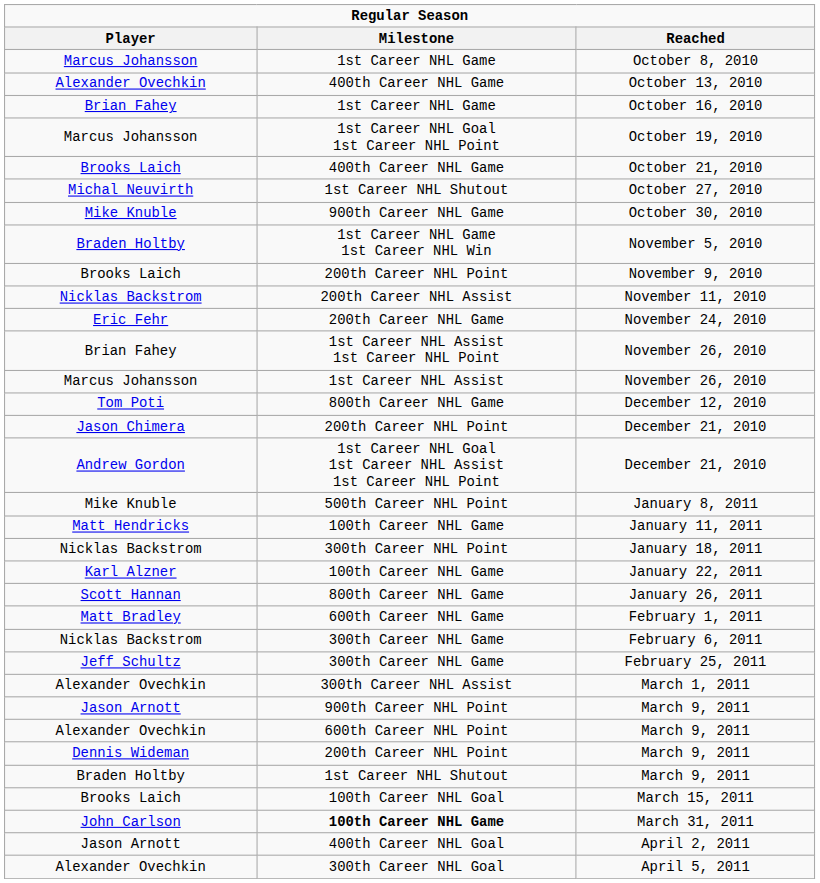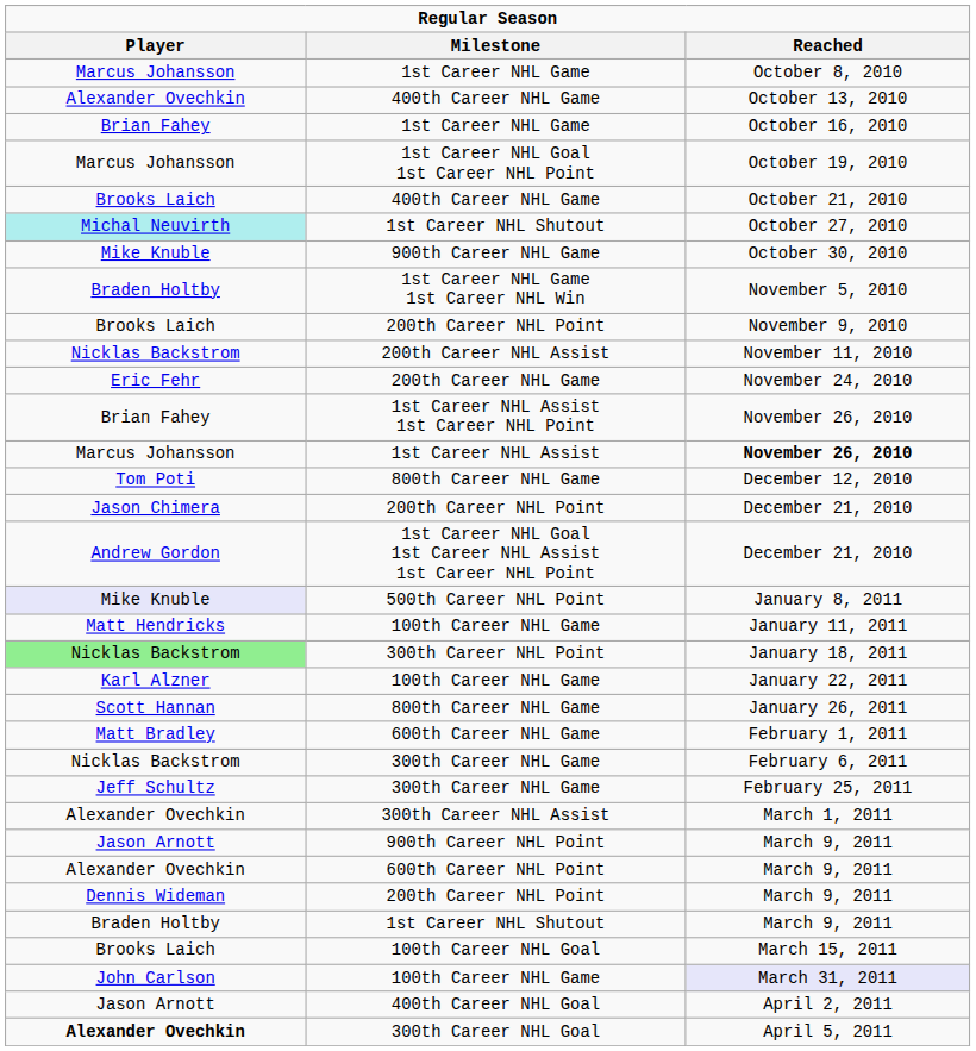 <table class="wikitable" width="60%" style="text-align:center">
 <tr>
 <td colspan="10" align="center"><strong>Regular Season</strong></td>
 </tr>
 <tr>
 <th>Player</th>
 <th>Milestone</th>
 <th>Reached</th>
 </tr>
 <tr>
 <td><a href='#'>Marcus Johansson</a></td>
 <td>1st Career NHL Game</td>
 <td>October 8, 2010</td>
 </tr>
 <tr>
 <td><a href='#'>Alexander Ovechkin</a></td>
 <td>400th Career NHL Game</td>
 <td>October 13, 2010</td>
 </tr>
 <tr>
 <td><a href='#'>Brian Fahey</a></td>
 <td>1st Career NHL Game</td>
 <td>October 16, 2010</td>
 </tr>
 <tr>
 <td>Marcus Johansson</td>
 <td>1st Career NHL Goal<br>1st Career NHL Point</td>
 <td>October 19, 2010</td>
 </tr>
 <tr>
 <td><a href='#'>Brooks Laich</a></td>
 <td>400th Career NHL Game</td>
 <td>October 21, 2010</td>
 </tr>
 <tr>
-<td><a href='#'>Michal Neuvirth</a></td>
+<td style="background: paleturquoise;"><a href='#'>Michal Neuvirth</a></td>
 <td>1st Career NHL Shutout</td>
 <td>October 27, 2010</td>
 </tr>
 <tr>
 <td><a href='#'>Mike Knuble</a></td>
 <td>900th Career NHL Game</td>
 <td>October 30, 2010</td>
 </tr>
 <tr>
 <td><a href='#'>Braden Holtby</a></td>
 <td>1st Career NHL Game<br>1st Career NHL Win</td>
 <td>November 5, 2010</td>
 </tr>
 <tr>
 <td>Brooks Laich</td>
 <td>200th Career NHL Point</td>
 <td>November 9, 2010</td>
 </tr>
 <tr>
 <td><a href='#'>Nicklas Backstrom</a></td>
 <td>200th Career NHL Assist</td>
 <td>November 11, 2010</td>
 </tr>
 <tr>
 <td><a href='#'>Eric Fehr</a></td>
 <td>200th Career NHL Game</td>
 <td>November 24, 2010</td>
 </tr>
 <tr>
 <td>Brian Fahey</td>
 <td>1st Career NHL Assist<br>1st Career NHL Point</td>
 <td>November 26, 2010</td>
 </tr>
 <tr>
 <td>Marcus Johansson</td>
 <td>1st Career NHL Assist</td>
-<td>November 26, 2010</td>
+<td><strong>November 26, 2010</strong></td>
 </tr>
 <tr>
 <td><a href='#'>Tom Poti</a></td>
 <td>800th Career NHL Game</td>
 <td>December 12, 2010</td>
 </tr>
 <tr>
 <td><a href='#'>Jason Chimera</a></td>
 <td>200th Career NHL Point</td>
 <td>December 21, 2010</td>
 </tr>
 <tr>
 <td><a href='#'>Andrew Gordon</a></td>
 <td>1st Career NHL Goal<br>1st Career NHL Assist<br>1st Career NHL Point</td>
 <td>December 21, 2010</td>
 </tr>
 <tr>
-<td>Mike Knuble</td>
+<td style="background: lavender;">Mike Knuble</td>
 <td>500th Career NHL Point</td>
 <td>January 8, 2011</td>
 </tr>
 <tr>
 <td><a href='#'>Matt Hendricks</a></td>
 <td>100th Career NHL Game</td>
 <td>January 11, 2011</td>
 </tr>
 <tr>
-<td>Nicklas Backstrom</td>
+<td style="background: lightgreen;">Nicklas Backstrom</td>
 <td>300th Career NHL Point</td>
 <td>January 18, 2011</td>
 </tr>
 <tr>
 <td><a href='#'>Karl Alzner</a></td>
 <td>100th Career NHL Game</td>
 <td>January 22, 2011</td>
 </tr>
 <tr>
 <td><a href='#'>Scott Hannan</a></td>
 <td>800th Career NHL Game</td>
 <td>January 26, 2011</td>
 </tr>
 <tr>
 <td><a href='#'>Matt Bradley</a></td>
 <td>600th Career NHL Game</td>
 <td>February 1, 2011</td>
 </tr>
 <tr>
 <td>Nicklas Backstrom</td>
 <td>300th Career NHL Game</td>
 <td>February 6, 2011</td>
 </tr>
 <tr>
 <td><a href='#'>Jeff Schultz</a></td>
 <td>300th Career NHL Game</td>
 <td>February 25, 2011</td>
 </tr>
 <tr>
 <td>Alexander Ovechkin</td>
 <td>300th Career NHL Assist</td>
 <td>March 1, 2011</td>
 </tr>
 <tr>
 <td><a href='#'>Jason Arnott</a></td>
 <td>900th Career NHL Point</td>
 <td>March 9, 2011</td>
 </tr>
 <tr>
 <td>Alexander Ovechkin</td>
 <td>600th Career NHL Point</td>
 <td>March 9, 2011</td>
 </tr>
 <tr>
 <td><a href='#'>Dennis Wideman</a></td>
 <td>200th Career NHL Point</td>
 <td>March 9, 2011</td>
 </tr>
 <tr>
 <td>Braden Holtby</td>
 <td>1st Career NHL Shutout</td>
 <td>March 9, 2011</td>
 </tr>
 <tr>
 <td>Brooks Laich</td>
 <td>100th Career NHL Goal</td>
 <td>March 15, 2011</td>
 </tr>
 <tr>
 <td><a href='#'>John Carlson</a></td>
-<td><strong>100th Career NHL Game</strong></td>
-<td>March 31, 2011</td>
+<td>100th Career NHL Game</td>
+<td style="background: lavender;">March 31, 2011</td>
 </tr>
 <tr>
 <td>Jason Arnott</td>
 <td>400th Career NHL Goal</td>
 <td>April 2, 2011</td>
 </tr>
 <tr>
-<td>Alexander Ovechkin</td>
+<td><strong>Alexander Ovechkin</strong></td>
 <td>300th Career NHL Goal</td>
 <td>April 5, 2011</td>
 </tr>
 </table>
